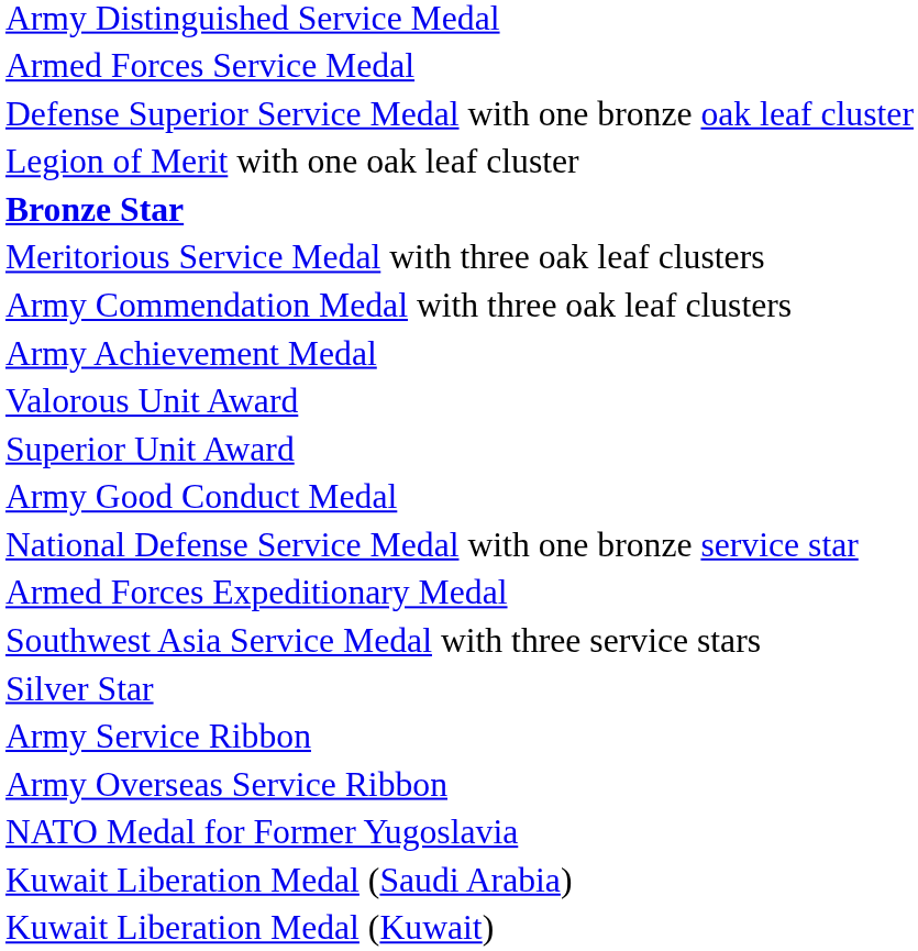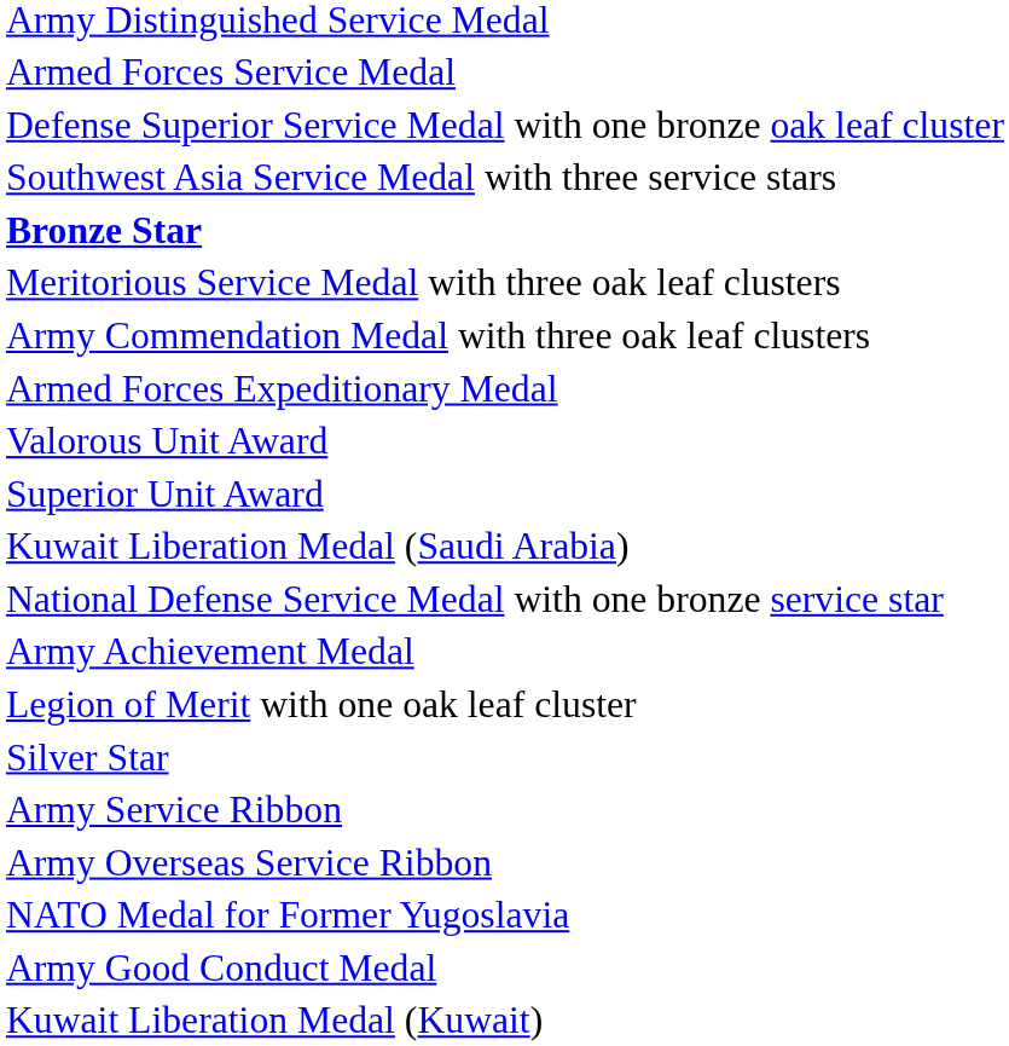 <table>
 <tr>
 <td> <a href='#'>Army Distinguished Service Medal</a></td>
 </tr>
 <tr>
 <td> <a href='#'>Armed Forces Service Medal</a></td>
 </tr>
 <tr>
 <td> <a href='#'>Defense Superior Service Medal</a> with one bronze <a href='#'>oak leaf cluster</a></td>
 </tr>
 <tr>
-<td> <a href='#'>Legion of Merit</a> with one oak leaf cluster</td>
+<td> <a href='#'>Southwest Asia Service Medal</a> with three service stars</td>
 </tr>
 <tr>
 <td><strong> <a href='#'>Bronze Star</a></strong></td>
 </tr>
 <tr>
 <td> <a href='#'>Meritorious Service Medal</a> with three oak leaf clusters</td>
 </tr>
 <tr>
 <td> <a href='#'>Army Commendation Medal</a> with three oak leaf clusters</td>
 </tr>
 <tr>
-<td> <a href='#'>Army Achievement Medal</a></td>
+<td> <a href='#'>Armed Forces Expeditionary Medal</a></td>
 </tr>
 <tr>
 <td> <a href='#'>Valorous Unit Award</a></td>
 </tr>
 <tr>
 <td> <a href='#'>Superior Unit Award</a></td>
 </tr>
 <tr>
-<td> <a href='#'>Army Good Conduct Medal</a></td>
+<td> <a href='#'>Kuwait Liberation Medal</a> (<a href='#'>Saudi Arabia</a>)</td>
 </tr>
 <tr>
 <td> <a href='#'>National Defense Service Medal</a> with one bronze <a href='#'>service star</a></td>
 </tr>
 <tr>
-<td> <a href='#'>Armed Forces Expeditionary Medal</a></td>
+<td> <a href='#'>Army Achievement Medal</a></td>
 </tr>
 <tr>
-<td> <a href='#'>Southwest Asia Service Medal</a> with three service stars</td>
+<td> <a href='#'>Legion of Merit</a> with one oak leaf cluster</td>
 </tr>
 <tr>
 <td> <a href='#'>Silver Star</a></td>
 </tr>
 <tr>
 <td> <a href='#'>Army Service Ribbon</a></td>
 </tr>
 <tr>
 <td> <a href='#'>Army Overseas Service Ribbon</a></td>
 </tr>
 <tr>
 <td> <a href='#'>NATO Medal for Former Yugoslavia</a></td>
 </tr>
 <tr>
-<td> <a href='#'>Kuwait Liberation Medal</a> (<a href='#'>Saudi Arabia</a>)</td>
+<td> <a href='#'>Army Good Conduct Medal</a></td>
 </tr>
 <tr>
 <td> <a href='#'>Kuwait Liberation Medal</a> (<a href='#'>Kuwait</a>)</td>
 </tr>
 </table>
